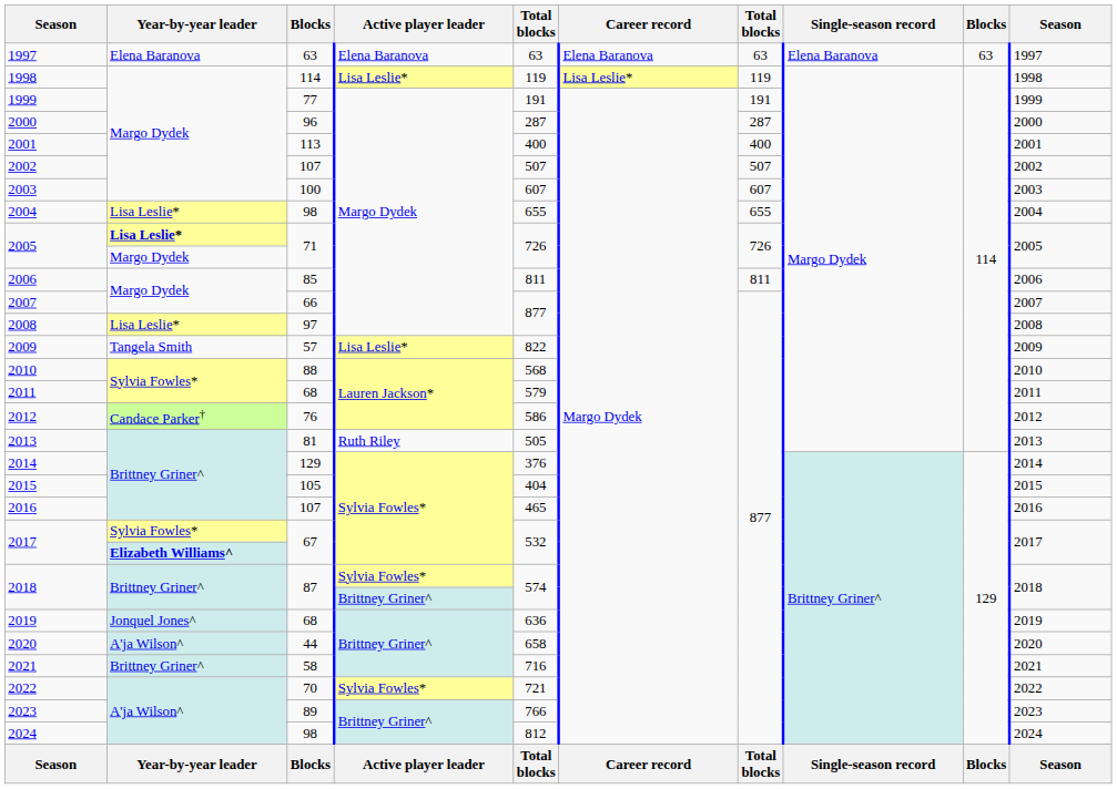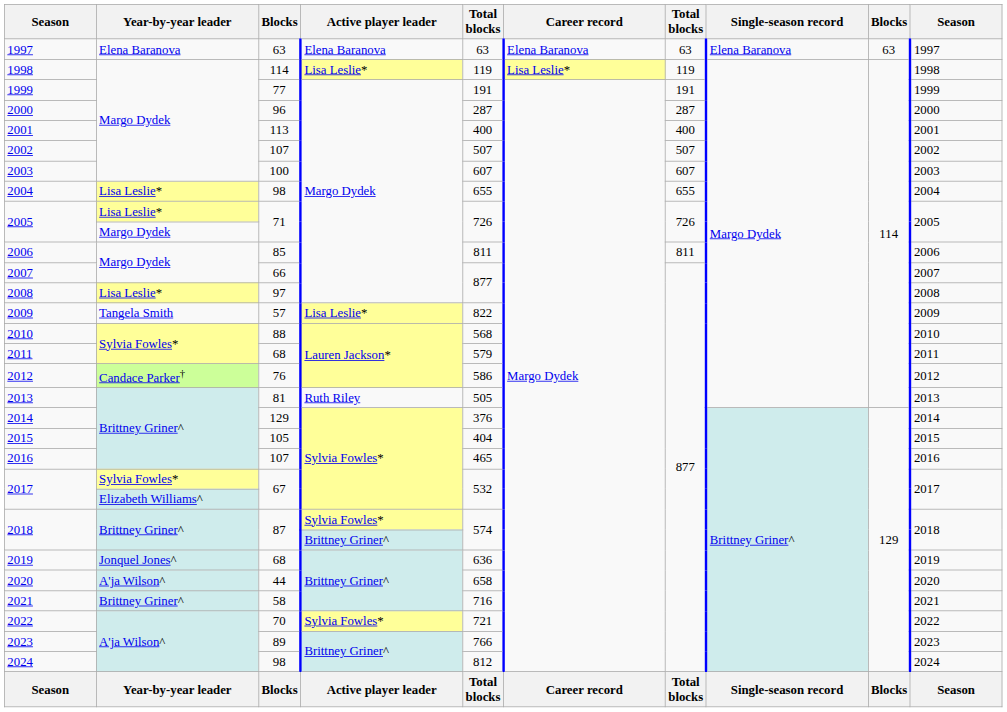 <table class="wikitable">
 <tr>
 <th width=10%>Season</th>
 <th width=18%>Year-by-year leader</th>
 <th>Blocks</th>
 <th width=18%>Active player leader</th>
 <th>Total blocks</th>
 <th width=18%>Career record</th>
 <th>Total blocks</th>
 <th width=18%>Single-season record</th>
 <th>Blocks</th>
 <th width=10%>Season</th>
 </tr>
 <tr>
 <td><a href='#'>1997</a></td>
 <td><a href='#'>Elena Baranova</a></td>
 <td align=center style="border-right: solid blue">63</td>
 <td><a href='#'>Elena Baranova</a></td>
 <td align=center style="border-right: solid blue">63</td>
 <td><a href='#'>Elena Baranova</a></td>
 <td align=center style="border-right: solid blue">63</td>
 <td><a href='#'>Elena Baranova</a></td>
 <td align=center style="border-right: solid blue">63</td>
 <td>1997</td>
 </tr>
 <tr>
 <td><a href='#'>1998</a></td>
 <td rowspan="6"><a href='#'>Margo Dydek</a></td>
 <td align=center style="border-right: solid blue">114</td>
 <td bgcolor="#ffff99"><a href='#'>Lisa Leslie</a>*</td>
 <td align=center style="border-right: solid blue">119</td>
 <td bgcolor="#ffff99"><a href='#'>Lisa Leslie</a>*</td>
 <td align=center style="border-right: solid blue">119</td>
 <td rowspan="17"><a href='#'>Margo Dydek</a></td>
 <td align=center style="border-right: solid blue" rowspan="17">114</td>
 <td>1998</td>
 </tr>
 <tr>
 <td><a href='#'>1999</a></td>
 <td align=center style="border-right: solid blue">77</td>
 <td rowspan="11"><a href='#'>Margo Dydek</a></td>
 <td align=center style="border-right: solid blue">191</td>
 <td rowspan="29"><a href='#'>Margo Dydek</a></td>
 <td align=center style="border-right: solid blue">191</td>
 <td>1999</td>
 </tr>
 <tr>
 <td><a href='#'>2000</a></td>
 <td align=center style="border-right: solid blue">96</td>
 <td align=center style="border-right: solid blue">287</td>
 <td align=center style="border-right: solid blue">287</td>
 <td>2000</td>
 </tr>
 <tr>
 <td><a href='#'>2001</a></td>
 <td align=center style="border-right: solid blue">113</td>
 <td align=center style="border-right: solid blue">400</td>
 <td align=center style="border-right: solid blue">400</td>
 <td>2001</td>
 </tr>
 <tr>
 <td><a href='#'>2002</a></td>
 <td align=center style="border-right: solid blue">107</td>
 <td align=center style="border-right: solid blue">507</td>
 <td align=center style="border-right: solid blue">507</td>
 <td>2002</td>
 </tr>
 <tr>
 <td><a href='#'>2003</a></td>
 <td align=center style="border-right: solid blue">100</td>
 <td align=center style="border-right: solid blue">607</td>
 <td align=center style="border-right: solid blue">607</td>
 <td>2003</td>
 </tr>
 <tr>
 <td><a href='#'>2004</a></td>
 <td bgcolor="#ffff99"><a href='#'>Lisa Leslie</a>*</td>
 <td align=center style="border-right: solid blue">98</td>
 <td align=center style="border-right: solid blue">655</td>
 <td align=center style="border-right: solid blue">655</td>
 <td>2004</td>
 </tr>
 <tr>
 <td rowspan="2"><a href='#'>2005</a></td>
-<td bgcolor="#ffff99"><strong><a href='#'>Lisa Leslie</a>*</strong></td>
+<td bgcolor="#ffff99"><a href='#'>Lisa Leslie</a>*</td>
 <td align=center style="border-right: solid blue" rowspan="2">71</td>
 <td align=center style="border-right: solid blue" rowspan="2">726</td>
 <td align=center style="border-right: solid blue" rowspan="2">726</td>
 <td rowspan="2">2005</td>
 </tr>
 <tr>
 <td><a href='#'>Margo Dydek</a></td>
 </tr>
 <tr>
 <td><a href='#'>2006</a></td>
 <td rowspan="2"><a href='#'>Margo Dydek</a></td>
 <td align=center style="border-right: solid blue">85</td>
 <td align=center style="border-right: solid blue">811</td>
 <td align=center style="border-right: solid blue">811</td>
 <td>2006</td>
 </tr>
 <tr>
 <td><a href='#'>2007</a></td>
 <td align=center style="border-right: solid blue">66</td>
 <td align=center style="border-right: solid blue" rowspan="2">877</td>
 <td align=center style="border-right: solid blue" rowspan="20">877</td>
 <td>2007</td>
 </tr>
 <tr>
 <td><a href='#'>2008</a></td>
 <td bgcolor="#ffff99"><a href='#'>Lisa Leslie</a>*</td>
 <td align=center style="border-right: solid blue">97</td>
 <td>2008</td>
 </tr>
 <tr>
 <td><a href='#'>2009</a></td>
 <td><a href='#'>Tangela Smith</a></td>
 <td align=center style="border-right: solid blue">57</td>
 <td bgcolor="#ffff99"><a href='#'>Lisa Leslie</a>*</td>
 <td align=center style="border-right: solid blue">822</td>
 <td>2009</td>
 </tr>
 <tr>
 <td><a href='#'>2010</a></td>
 <td style="background:#FFFF99;" rowspan="2"><a href='#'>Sylvia Fowles</a>*</td>
 <td align=center style="border-right: solid blue">88</td>
 <td bgcolor="#ffff99" rowspan="3"><a href='#'>Lauren Jackson</a>*</td>
 <td align=center style="border-right: solid blue">568</td>
 <td>2010</td>
 </tr>
 <tr>
 <td><a href='#'>2011</a></td>
 <td align=center style="border-right: solid blue">68</td>
 <td align=center style="border-right: solid blue">579</td>
 <td>2011</td>
 </tr>
 <tr>
 <td><a href='#'>2012</a></td>
 <td bgcolor="#ccff99"><a href='#'>Candace Parker</a><sup>†</sup></td>
 <td align=center style="border-right: solid blue">76</td>
 <td align=center style="border-right: solid blue">586</td>
 <td>2012</td>
 </tr>
 <tr>
 <td><a href='#'>2013</a></td>
 <td bgcolor="#cfecec" rowspan="4"><a href='#'>Brittney Griner</a>^</td>
 <td align=center style="border-right: solid blue">81</td>
 <td><a href='#'>Ruth Riley</a></td>
 <td align=center style="border-right: solid blue">505</td>
 <td>2013</td>
 </tr>
 <tr>
 <td><a href='#'>2014</a></td>
 <td align=center style="border-right: solid blue">129</td>
 <td style="background:#FFFF99;" rowspan="5"><a href='#'>Sylvia Fowles</a>*</td>
 <td align=center style="border-right: solid blue">376</td>
 <td bgcolor="#cfecec" rowspan="13"><a href='#'>Brittney Griner</a>^</td>
 <td align=center style="border-right: solid blue" rowspan="13">129</td>
 <td>2014</td>
 </tr>
 <tr>
 <td><a href='#'>2015</a></td>
 <td align=center style="border-right: solid blue">105</td>
 <td align=center style="border-right: solid blue">404</td>
 <td>2015</td>
 </tr>
 <tr>
 <td><a href='#'>2016</a></td>
 <td align=center style="border-right: solid blue">107</td>
 <td align=center style="border-right: solid blue">465</td>
 <td>2016</td>
 </tr>
 <tr>
 <td rowspan="2"><a href='#'>2017</a></td>
 <td style="background:#FFFF99;"><a href='#'>Sylvia Fowles</a>*</td>
 <td align=center style="border-right: solid blue" rowspan="2">67</td>
 <td align=center style="border-right: solid blue" rowspan="2">532</td>
 <td rowspan="2">2017</td>
 </tr>
 <tr>
-<td bgcolor="#cfecec"><strong><a href='#'>Elizabeth Williams</a>^</strong></td>
+<td bgcolor="#cfecec"><a href='#'>Elizabeth Williams</a>^</td>
 </tr>
 <tr>
 <td rowspan="2"><a href='#'>2018</a></td>
 <td bgcolor="#cfecec" rowspan="2"><a href='#'>Brittney Griner</a>^</td>
 <td align=center style="border-right: solid blue" rowspan="2">87</td>
 <td style="background:#FFFF99;"><a href='#'>Sylvia Fowles</a>*</td>
 <td align=center style="border-right: solid blue" rowspan="2">574</td>
 <td rowspan="2">2018</td>
 </tr>
 <tr>
 <td bgcolor="#cfecec"><a href='#'>Brittney Griner</a>^</td>
 </tr>
 <tr>
 <td><a href='#'>2019</a></td>
 <td bgcolor="#cfecec"><a href='#'>Jonquel Jones</a>^</td>
 <td align=center style="border-right: solid blue">68</td>
 <td bgcolor="#cfecec" rowspan="3"><a href='#'>Brittney Griner</a>^</td>
 <td align=center style="border-right: solid blue">636</td>
 <td>2019</td>
 </tr>
 <tr>
 <td><a href='#'>2020</a></td>
 <td bgcolor="#cfecec"><a href='#'>A'ja Wilson</a>^</td>
 <td align=center style="border-right: solid blue">44</td>
 <td align=center style="border-right: solid blue">658</td>
 <td>2020</td>
 </tr>
 <tr>
 <td><a href='#'>2021</a></td>
 <td bgcolor="#cfecec"><a href='#'>Brittney Griner</a>^</td>
 <td align=center style="border-right: solid blue">58</td>
 <td align=center style="border-right: solid blue">716</td>
 <td>2021</td>
 </tr>
 <tr>
 <td><a href='#'>2022</a></td>
 <td bgcolor="#cfecec" rowspan=3><a href='#'>A'ja Wilson</a>^</td>
 <td align=center style="border-right: solid blue">70</td>
 <td style="background:#FFFF99;"><a href='#'>Sylvia Fowles</a>*</td>
 <td align=center style="border-right: solid blue">721</td>
 <td>2022</td>
 </tr>
 <tr>
 <td><a href='#'>2023</a></td>
 <td align=center style="border-right: solid blue">89</td>
 <td style="background:#cfecec;" rowspan=2><a href='#'>Brittney Griner</a>^</td>
 <td align=center style="border-right: solid blue">766</td>
 <td>2023</td>
 </tr>
 <tr>
 <td><a href='#'>2024</a></td>
 <td align=center style="border-right: solid blue">98</td>
 <td align=center style="border-right: solid blue">812</td>
 <td>2024</td>
 </tr>
 <tr>
 <th>Season</th>
 <th>Year-by-year leader</th>
 <th>Blocks</th>
 <th>Active player leader</th>
 <th>Total blocks</th>
 <th>Career record</th>
 <th>Total blocks</th>
 <th>Single-season record</th>
 <th>Blocks</th>
 <th>Season</th>
 </tr>
 </table>
